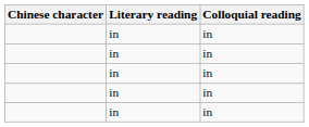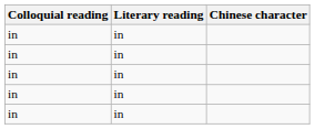 <table class="wikitable">
 <tr>
+<th>Colloquial reading</th>
+<th>Literary reading</th>
 <th>Chinese character</th>
-<th>Literary reading</th>
-<th>Colloquial reading</th>
 </tr>
 <tr>
-<td></td>
 <td> in </td>
 <td> in </td>
+<td></td>
 </tr>
 <tr>
-<td></td>
 <td> in </td>
 <td> in </td>
+<td></td>
 </tr>
 <tr>
-<td></td>
 <td> in </td>
 <td> in </td>
+<td></td>
 </tr>
 <tr>
-<td></td>
 <td> in </td>
 <td> in </td>
+<td></td>
 </tr>
 <tr>
-<td></td>
 <td> in </td>
 <td> in </td>
+<td></td>
 </tr>
 </table>
